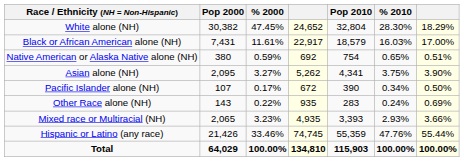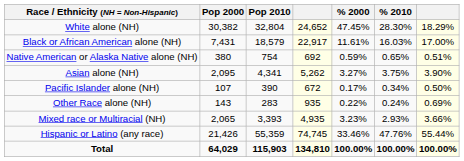 <table class="wikitable" style="text-align:center;">
 <tr>
 <th>Race / Ethnicity <small>(<em>NH = Non-Hispanic</em>)</small></th>
 <th>Pop 2000</th>
+<th>Pop 2010</th>
+<th></th>
 <th>% 2000</th>
-<th></th>
-<th>Pop 2010</th>
 <th>% 2010</th>
 <th></th>
 </tr>
 <tr>
 <td><a href='#'>White</a> alone (NH)</td>
 <td>30,382</td>
+<td>32,804</td>
+<td style='background: #ffffe6;'>24,652</td>
 <td>47.45%</td>
-<td style='background: #ffffe6;'>24,652</td>
-<td>32,804</td>
 <td>28.30%</td>
 <td style='background: #ffffe6;'>18.29%</td>
 </tr>
 <tr>
 <td><a href='#'>Black or African American</a> alone (NH)</td>
 <td>7,431</td>
+<td>18,579</td>
+<td style='background: #ffffe6;'>22,917</td>
 <td>11.61%</td>
-<td style='background: #ffffe6;'>22,917</td>
-<td>18,579</td>
 <td>16.03%</td>
 <td style='background: #ffffe6;'>17.00%</td>
 </tr>
 <tr>
 <td><a href='#'>Native American</a> or <a href='#'>Alaska Native</a> alone (NH)</td>
 <td>380</td>
+<td>754</td>
+<td style='background: #ffffe6;'>692</td>
 <td>0.59%</td>
-<td style='background: #ffffe6;'>692</td>
-<td>754</td>
 <td>0.65%</td>
 <td style='background: #ffffe6;'>0.51%</td>
 </tr>
 <tr>
 <td><a href='#'>Asian</a> alone (NH)</td>
 <td>2,095</td>
+<td>4,341</td>
+<td style='background: #ffffe6;'>5,262</td>
 <td>3.27%</td>
-<td style='background: #ffffe6;'>5,262</td>
-<td>4,341</td>
 <td>3.75%</td>
 <td style='background: #ffffe6;'>3.90%</td>
 </tr>
 <tr>
 <td><a href='#'>Pacific Islander</a> alone (NH)</td>
 <td>107</td>
+<td>390</td>
+<td style='background: #ffffe6;'>672</td>
 <td>0.17%</td>
-<td style='background: #ffffe6;'>672</td>
-<td>390</td>
 <td>0.34%</td>
 <td style='background: #ffffe6;'>0.50%</td>
 </tr>
 <tr>
 <td><a href='#'>Other Race</a> alone (NH)</td>
 <td>143</td>
+<td>283</td>
+<td style='background: #ffffe6;'>935</td>
 <td>0.22%</td>
-<td style='background: #ffffe6;'>935</td>
-<td>283</td>
 <td>0.24%</td>
 <td style='background: #ffffe6;'>0.69%</td>
 </tr>
 <tr>
 <td><a href='#'>Mixed race or Multiracial</a> (NH)</td>
 <td>2,065</td>
+<td>3,393</td>
+<td style='background: #ffffe6;'>4,935</td>
 <td>3.23%</td>
-<td style='background: #ffffe6;'>4,935</td>
-<td>3,393</td>
 <td>2.93%</td>
 <td style='background: #ffffe6;'>3.66%</td>
 </tr>
 <tr>
 <td><a href='#'>Hispanic or Latino</a> (any race)</td>
 <td>21,426</td>
+<td>55,359</td>
+<td style='background: #ffffe6;'>74,745</td>
 <td>33.46%</td>
-<td style='background: #ffffe6;'>74,745</td>
-<td>55,359</td>
 <td>47.76%</td>
 <td style='background: #ffffe6;'>55.44%</td>
 </tr>
 <tr>
 <td><strong>Total</strong></td>
 <td><strong>64,029</strong></td>
+<td><strong>115,903</strong></td>
+<td style='background: #ffffe6;'><strong>134,810</strong></td>
 <td><strong>100.00%</strong></td>
-<td style='background: #ffffe6;'><strong>134,810</strong></td>
-<td><strong>115,903</strong></td>
 <td><strong>100.00%</strong></td>
 <td style='background: #ffffe6;'><strong>100.00%</strong></td>
 </tr>
 </table>
